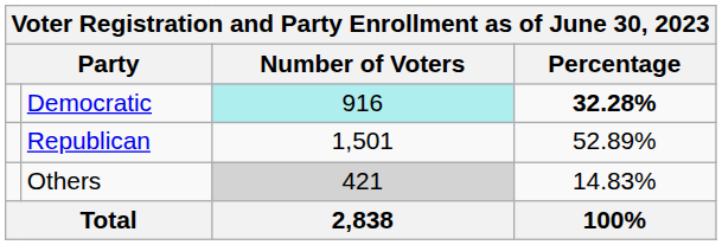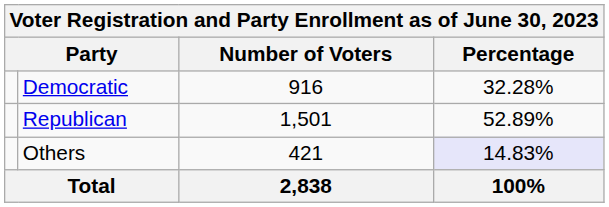 <table class=wikitable>
 <tr>
 <th colspan = 6>Voter Registration and Party Enrollment as of June 30, 2023</th>
 </tr>
 <tr>
 <th colspan = 2>Party</th>
 <th>Number of Voters</th>
 <th>Percentage</th>
 </tr>
 <tr>
 <td></td>
 <td><a href='#'>Democratic</a></td>
-<td align = center style="background: paleturquoise;">916</td>
-<td align = center><strong>32.28%</strong></td>
+<td align = center>916</td>
+<td align = center>32.28%</td>
 </tr>
 <tr>
 <td></td>
 <td><a href='#'>Republican</a></td>
 <td align = center>1,501</td>
 <td align = center>52.89%</td>
 </tr>
 <tr>
 <td></td>
 <td>Others</td>
-<td align = center style="background: lightgrey;">421</td>
-<td align = center>14.83%</td>
+<td align = center>421</td>
+<td align = center style="background: lavender;">14.83%</td>
 </tr>
 <tr>
 <th colspan = 2>Total</th>
 <th align = center>2,838</th>
 <th align = center>100%</th>
 </tr>
 </table>
